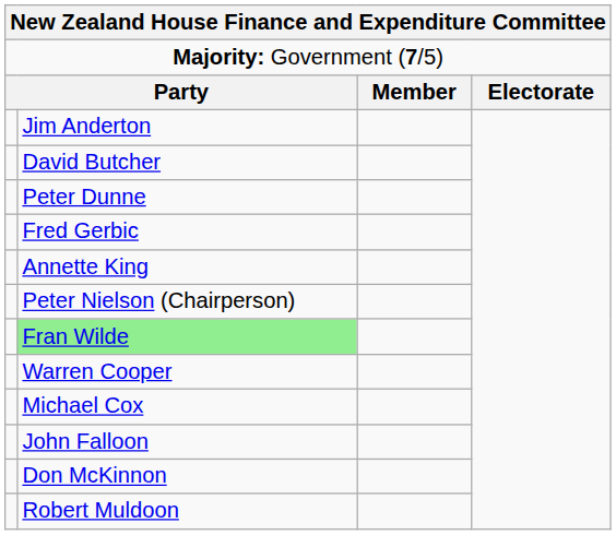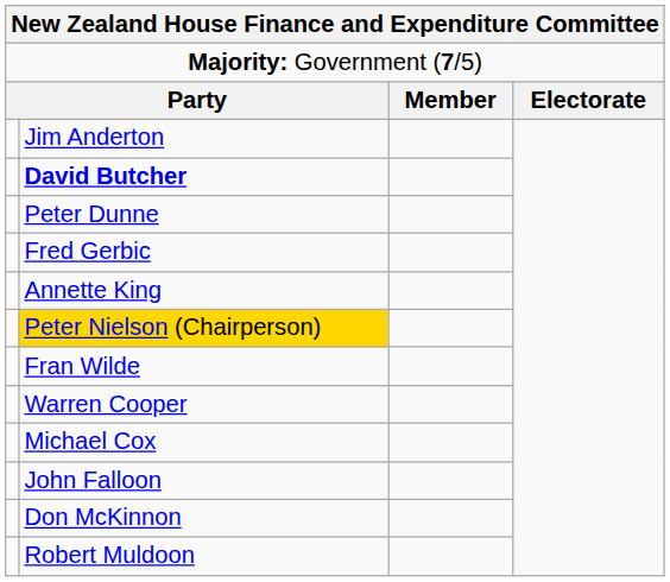 <table class="wikitable">
 <tr>
 <th colspan="4">New Zealand House Finance and Expenditure Committee</th>
 </tr>
 <tr>
 <td colspan="4" style="text-align:center; background:"><strong>Majority:</strong> Government (<strong>7</strong>/5)</td>
 </tr>
 <tr>
 <th colspan="2">Party</th>
 <th>Member</th>
 <th>Electorate</th>
 </tr>
 <tr>
 <td></td>
 <td><a href='#'>Jim Anderton</a></td>
 <td></td>
 </tr>
 <tr>
 <td></td>
-<td><a href='#'>David Butcher</a></td>
+<td><strong><a href='#'>David Butcher</a></strong></td>
 <td></td>
 </tr>
 <tr>
 <td></td>
 <td><a href='#'>Peter Dunne</a></td>
 <td></td>
 </tr>
 <tr>
 <td></td>
 <td><a href='#'>Fred Gerbic</a></td>
 <td></td>
 </tr>
 <tr>
 <td></td>
 <td><a href='#'>Annette King</a></td>
 <td></td>
 </tr>
 <tr>
 <td></td>
-<td><a href='#'>Peter Nielson</a> (Chairperson)</td>
+<td style="background: gold;"><a href='#'>Peter Nielson</a> (Chairperson)</td>
 <td></td>
 </tr>
 <tr>
 <td></td>
-<td style="background: lightgreen;"><a href='#'>Fran Wilde</a></td>
+<td><a href='#'>Fran Wilde</a></td>
 <td></td>
 </tr>
 <tr>
 <td></td>
 <td><a href='#'>Warren Cooper</a></td>
 <td></td>
 </tr>
 <tr>
 <td></td>
 <td><a href='#'>Michael Cox</a></td>
 <td></td>
 </tr>
 <tr>
 <td></td>
 <td><a href='#'>John Falloon</a></td>
 <td></td>
 </tr>
 <tr>
 <td></td>
 <td><a href='#'>Don McKinnon</a></td>
 <td></td>
 </tr>
 <tr>
 <td></td>
 <td><a href='#'>Robert Muldoon</a></td>
 <td></td>
 </tr>
 </table>
